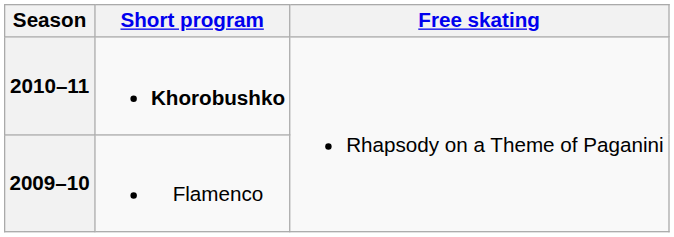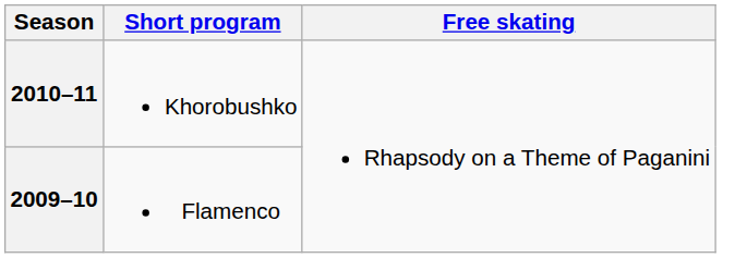 <table class="wikitable" style="text-align:center">
 <tr>
 <th>Season</th>
 <th><a href='#'>Short program</a></th>
 <th><a href='#'>Free skating</a></th>
 </tr>
 <tr>
 <th>2010–11 <br> </th>
-<td><strong><br><ul><li>Khorobushko <br></li></ul></strong></td>
+<td><br><ul><li>Khorobushko <br></li></ul></td>
 <td rowspan=2><br><ul><li>Rhapsody on a Theme of Paganini <br></li></ul></td>
 </tr>
 <tr>
 <th>2009–10 <br> </th>
 <td><br><ul><li>Flamenco <br></li></ul></td>
 </tr>
 </table>
